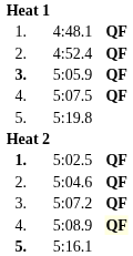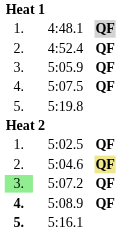 <table style="text-align:center">
 <tr>
 <td colspan=4 align=left><strong>Heat 1</strong></td>
 </tr>
 <tr>
 <td width=30>1.</td>
 <td align=left></td>
 <td width=60>4:48.1</td>
-<td><strong>QF</strong></td>
+<td style="background: lightgrey;"><strong>QF</strong></td>
 </tr>
 <tr>
 <td>2.</td>
 <td align=left></td>
 <td>4:52.4</td>
 <td><strong>QF</strong></td>
 </tr>
 <tr>
-<td><strong>3.</strong></td>
+<td>3.</td>
 <td align=left></td>
 <td>5:05.9</td>
 <td><strong>QF</strong></td>
 </tr>
 <tr>
 <td>4.</td>
 <td align=left></td>
 <td>5:07.5</td>
 <td><strong>QF</strong></td>
 </tr>
 <tr>
 <td>5.</td>
 <td align=left></td>
 <td>5:19.8</td>
 <td></td>
 </tr>
 <tr>
 <td colspan=4 align=left><strong>Heat 2</strong></td>
 </tr>
 <tr>
-<td><strong>1.</strong></td>
+<td>1.</td>
 <td align=left></td>
 <td>5:02.5</td>
 <td><strong>QF</strong></td>
 </tr>
 <tr>
 <td>2.</td>
 <td align=left></td>
 <td>5:04.6</td>
-<td><strong>QF</strong></td>
+<td style="background: khaki;"><strong>QF</strong></td>
 </tr>
 <tr>
-<td>3.</td>
+<td style="background: lightgreen;">3.</td>
 <td align=left></td>
 <td>5:07.2</td>
 <td><strong>QF</strong></td>
 </tr>
 <tr>
-<td>4.</td>
+<td><strong>4.</strong></td>
 <td align=left></td>
 <td>5:08.9</td>
-<td style="background: lightyellow;"><strong>QF</strong></td>
+<td><strong>QF</strong></td>
 </tr>
 <tr>
 <td><strong>5.</strong></td>
 <td align=left></td>
 <td>5:16.1</td>
 <td></td>
 </tr>
 </table>
